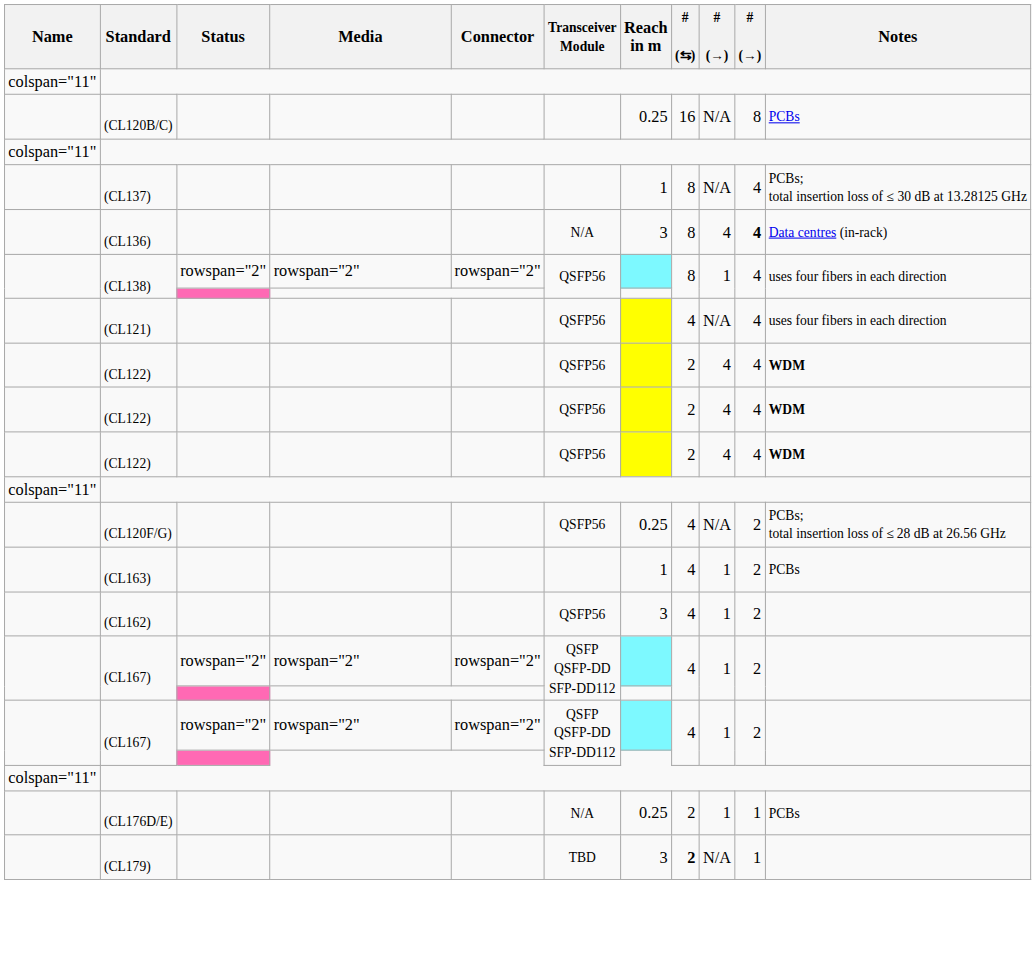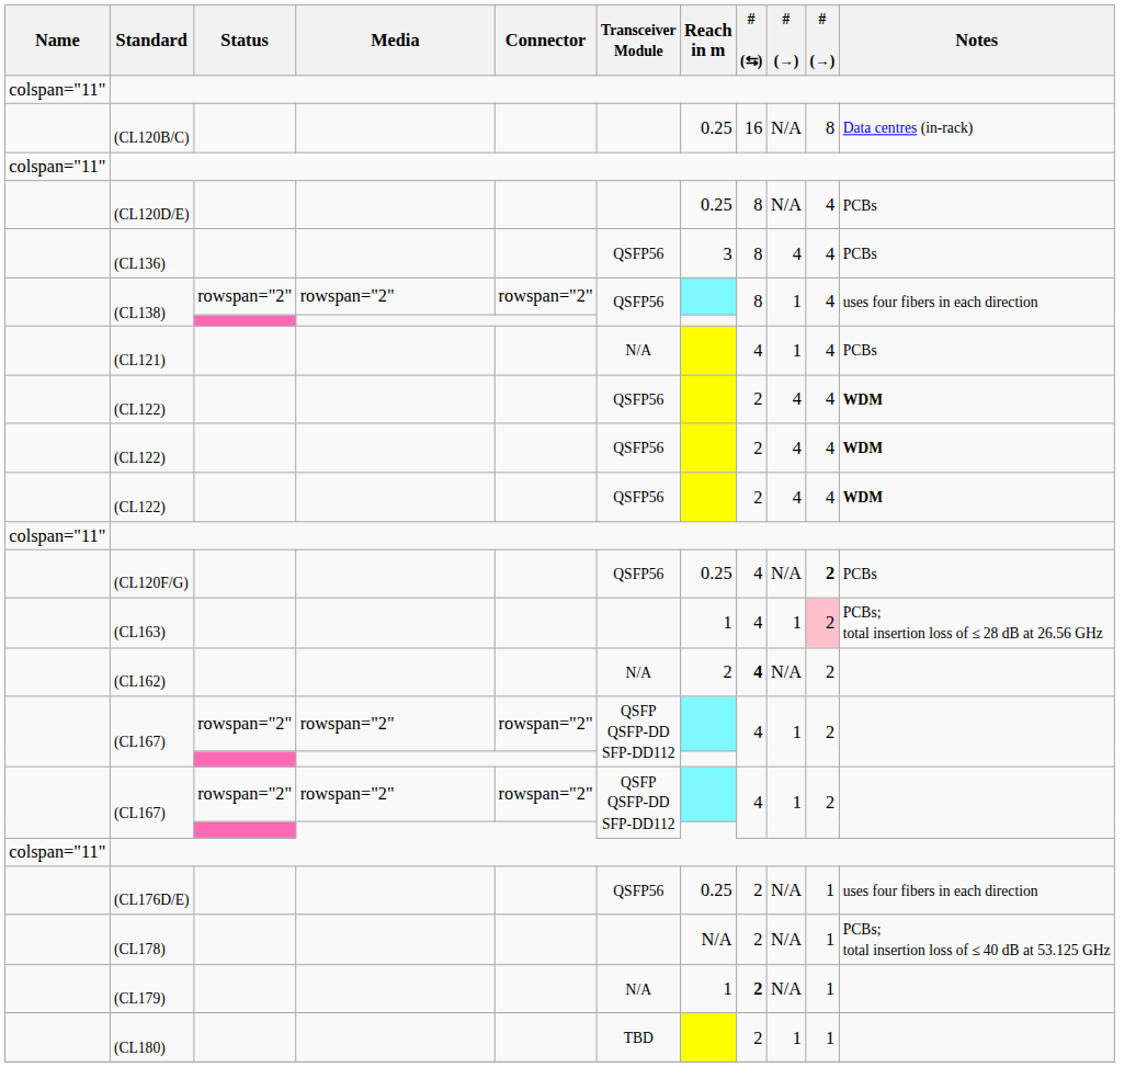 <table class="wikitable" style="line-height:110%;">
 <tr>
 <th>Name</th>
 <th>Standard</th>
 <th>Status</th>
 <th style="width: 170px;">Media</th>
 <th>Connector</th>
 <th><small>Transceiver<br>Module</small></th>
 <th>Reach<br>in m</th>
 <th><small>#<br><br>(⇆)</small></th>
 <th><small>#<br><br>(→)</small></th>
 <th><small>#<br><br>(→)</small></th>
 <th>Notes</th>
 </tr>
 <tr>
 <td>colspan="11"  </td>
 </tr>
 <tr>
 <td></td>
 <td><br><small>(CL120B/C)</small></td>
 <td></td>
 <td></td>
 <td></td>
 <td></td>
 <td style="text-align:right;">0.25</td>
 <td style="text-align:right;">16</td>
 <td style="text-align:right;">N/A</td>
 <td style="text-align:right;">8</td>
-<td><small><a href='#'>PCBs</a></small></td>
+<td><small><a href='#'>Data centres</a> (in-rack)</small></td>
 </tr>
 <tr>
 <td>colspan="11"  </td>
 </tr>
 <tr>
 <td></td>
-<td><br><small>(CL137)</small></td>
+<td><br><small>(CL120D/E)</small></td>
 <td></td>
 <td></td>
 <td></td>
 <td></td>
-<td style="text-align:right;">1</td>
+<td style="text-align:right;">0.25</td>
 <td style="text-align:right;">8</td>
 <td style="text-align:right;">N/A</td>
 <td style="text-align:right;">4</td>
-<td><small>PCBs;<br>total insertion loss of ≤ 30 dB at 13.28125 GHz</small></td>
+<td><small>PCBs</small></td>
 </tr>
 <tr>
 <td></td>
 <td><br><small>(CL136)</small></td>
 <td></td>
 <td></td>
 <td></td>
-<td align="center"><small>N/A</small></td>
+<td align="center"><small>QSFP56</small></td>
 <td style="text-align:right;">3</td>
 <td style="text-align:right;">8</td>
 <td style="text-align:right;">4</td>
-<td style="text-align:right;"><strong>4</strong></td>
-<td><small><a href='#'>Data centres</a> (in-rack)</small></td>
+<td style="text-align:right;">4</td>
+<td><small>PCBs</small></td>
 </tr>
 <tr>
 <td rowspan="2"></td>
 <td rowspan="2"><br><small>(CL138)</small></td>
 <td>rowspan="2" </td>
 <td>rowspan="2" </td>
 <td>rowspan="2" </td>
 <td rowspan="2" align="center"><small>QSFP56</small></td>
 <td style="background-color:#7DF9FF"></td>
 <td rowspan="2" style="text-align:right;">8</td>
 <td rowspan="2" style="text-align:right;">1</td>
 <td rowspan="2" style="text-align:right;">4</td>
 <td rowspan="2"><small>uses four fibers in each direction</small></td>
 </tr>
 <tr>
 <td style="background-color:#FF69B4"></td>
 </tr>
 <tr>
 <td></td>
 <td><br><small>(CL121)</small></td>
 <td></td>
 <td></td>
 <td></td>
-<td align="center"><small>QSFP56</small></td>
+<td align="center"><small>N/A</small></td>
 <td style="background-color:yellow"></td>
 <td style="text-align:right;">4</td>
-<td style="text-align:right;">N/A</td>
+<td style="text-align:right;">1</td>
 <td style="text-align:right;">4</td>
-<td><small>uses four fibers in each direction</small></td>
+<td><small>PCBs</small></td>
 </tr>
 <tr>
 <td></td>
 <td><br><small>(CL122)</small></td>
 <td></td>
 <td></td>
 <td></td>
 <td align="center"><small>QSFP56</small></td>
 <td style="background-color:yellow"></td>
 <td style="text-align:right;">2</td>
 <td style="text-align:right;">4</td>
 <td style="text-align:right;">4</td>
 <td><small><strong>WDM</strong></small></td>
 </tr>
 <tr>
 <td></td>
 <td><br><small>(CL122)</small></td>
 <td></td>
 <td></td>
 <td></td>
 <td align="center"><small>QSFP56</small></td>
 <td style="background-color:yellow"></td>
 <td style="text-align:right;">2</td>
 <td style="text-align:right;">4</td>
 <td style="text-align:right;">4</td>
 <td><small><strong>WDM</strong></small></td>
 </tr>
 <tr>
 <td></td>
 <td><br><small>(CL122)</small></td>
 <td></td>
 <td></td>
 <td></td>
 <td align="center"><small>QSFP56</small></td>
 <td style="background-color:yellow"></td>
 <td style="text-align:right;">2</td>
 <td style="text-align:right;">4</td>
 <td style="text-align:right;">4</td>
 <td><small><strong>WDM</strong></small></td>
 </tr>
 <tr>
 <td>colspan="11"  </td>
 </tr>
 <tr>
 <td></td>
 <td><br><small>(CL120F/G)</small></td>
 <td></td>
 <td></td>
 <td></td>
 <td align="center"><small>QSFP56</small></td>
 <td style="text-align:right;">0.25</td>
 <td style="text-align:right;">4</td>
 <td style="text-align:right;">N/A</td>
-<td style="text-align:right;">2</td>
-<td><small>PCBs;<br>total insertion loss of ≤ 28 dB at 26.56 GHz</small></td>
+<td style="text-align:right;"><strong>2</strong></td>
+<td><small>PCBs</small></td>
 </tr>
 <tr>
 <td></td>
 <td><br><small>(CL163)</small></td>
 <td></td>
 <td></td>
 <td></td>
 <td></td>
 <td style="text-align:right;">1</td>
 <td style="text-align:right;">4</td>
 <td style="text-align:right;">1</td>
-<td style="text-align:right;">2</td>
-<td><small>PCBs</small></td>
+<td style="background: pink; text-align:right;">2</td>
+<td><small>PCBs;<br>total insertion loss of ≤ 28 dB at 26.56 GHz</small></td>
 </tr>
 <tr>
 <td></td>
 <td><br><small>(CL162)</small></td>
 <td></td>
 <td></td>
 <td></td>
-<td align="center"><small>QSFP56</small></td>
-<td style="text-align:right;">3</td>
-<td style="text-align:right;">4</td>
-<td style="text-align:right;">1</td>
+<td align="center"><small>N/A</small></td>
+<td style="text-align:right;">2</td>
+<td style="text-align:right;"><strong>4</strong></td>
+<td style="text-align:right;">N/A</td>
 <td style="text-align:right;">2</td>
 <td></td>
 </tr>
 <tr>
 <td rowspan="2"></td>
 <td rowspan="2"><br><small>(CL167)</small></td>
 <td>rowspan="2" </td>
 <td>rowspan="2" </td>
 <td>rowspan="2" </td>
 <td rowspan="2" align="center"><small>QSFP<br>QSFP-DD<br>SFP-DD112</small></td>
 <td style="background-color:#7DF9FF"></td>
 <td rowspan="2" style="text-align:right;">4</td>
 <td rowspan="2" style="text-align:right;">1</td>
 <td rowspan="2" style="text-align:right;">2</td>
 <td rowspan="2" style="text-align:right;"></td>
 </tr>
 <tr>
 <td style="background-color:#FF69B4"></td>
 </tr>
 <tr>
 <td rowspan="2"></td>
 <td rowspan="2"><br><small>(CL167)</small></td>
 <td>rowspan="2" </td>
 <td>rowspan="2" </td>
 <td>rowspan="2" </td>
 <td rowspan="2" align="center"><small>QSFP<br>QSFP-DD<br>SFP-DD112</small></td>
 <td style="background-color:#7DF9FF"></td>
 <td rowspan="2" style="text-align:right;">4</td>
 <td rowspan="2" style="text-align:right;">1</td>
 <td rowspan="2" style="text-align:right;">2</td>
 <td rowspan="2" style="text-align:right;"></td>
 </tr>
 <tr>
 <td style="background-color:#FF69B4"></td>
 </tr>
 <tr>
 <td>colspan="11" </td>
 </tr>
 <tr>
 <td></td>
 <td><br><small>(CL176D/E)</small></td>
 <td></td>
 <td></td>
 <td></td>
-<td align="center"><small>N/A</small></td>
+<td align="center"><small>QSFP56</small></td>
 <td style="text-align:right;">0.25</td>
 <td style="text-align:right;">2</td>
+<td style="text-align:right;">N/A</td>
 <td style="text-align:right;">1</td>
+<td><small>uses four fibers in each direction</small></td>
+</tr>
+<tr>
+<td></td>
+<td><br><small>(CL178)</small></td>
+<td></td>
+<td></td>
+<td></td>
+<td></td>
+<td style="text-align:right;">N/A</td>
+<td style="text-align:right;">2</td>
+<td style="text-align:right;">N/A</td>
 <td style="text-align:right;">1</td>
-<td><small>PCBs</small></td>
+<td><small>PCBs;<br>total insertion loss of ≤ 40 dB at 53.125 GHz</small></td>
 </tr>
 <tr>
 <td></td>
 <td><br><small>(CL179)</small></td>
 <td></td>
 <td></td>
 <td></td>
-<td align="center"><small>TBD</small></td>
-<td style="text-align:right;">3</td>
+<td align="center"><small>N/A</small></td>
+<td style="text-align:right;">1</td>
 <td style="text-align:right;"><strong>2</strong></td>
 <td style="text-align:right;">N/A</td>
 <td style="text-align:right;">1</td>
 <td></td>
 </tr>
 <tr>
+<td></td>
+<td><br><small>(CL180)</small></td>
+<td></td>
+<td></td>
+<td></td>
+<td align="center"><small>TBD</small></td>
+<td style="background-color:#FFFF00"></td>
+<td style="text-align:right;">2</td>
+<td style="text-align:right;">1</td>
+<td style="text-align:right;">1</td>
+<td style="text-align:right;"></td>
+</tr>
+<tr>
 </tr>
 </table>
